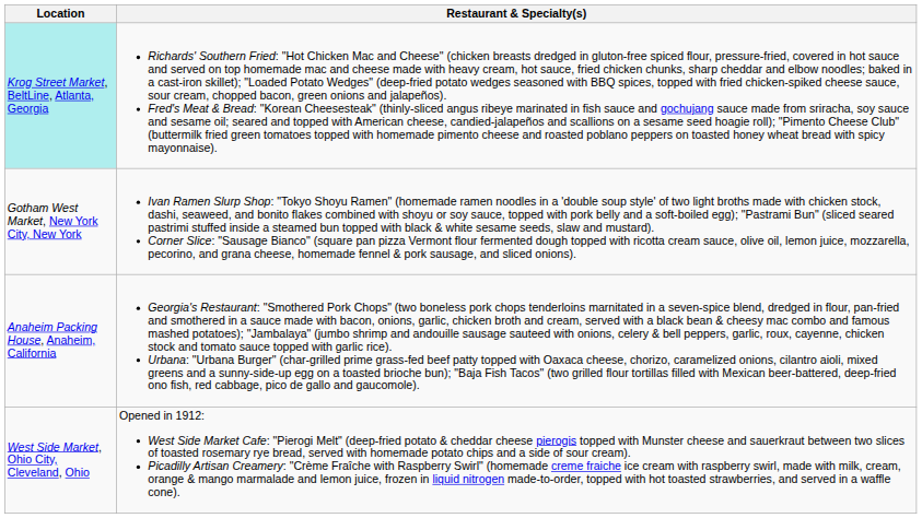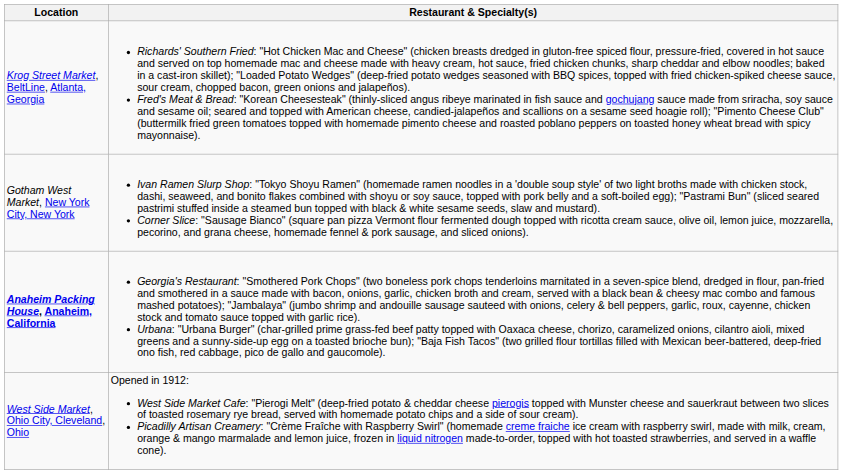 <table class="wikitable" style="width:100%;">
 <tr>
 <th>Location</th>
 <th>Restaurant & Specialty(s)</th>
 </tr>
 <tr>
-<td style="background: paleturquoise;"><em><a href='#'>Krog Street Market</a></em>, <a href='#'>BeltLine</a>, <a href='#'>Atlanta, Georgia</a></td>
+<td><em><a href='#'>Krog Street Market</a></em>, <a href='#'>BeltLine</a>, <a href='#'>Atlanta, Georgia</a></td>
 <td><br><ul><li><em>Richards' Southern Fried</em>: "Hot Chicken Mac and Cheese" (chicken breasts dredged in gluton-free spiced flour, pressure-fried, covered in hot sauce and served on top homemade mac and cheese made with heavy cream, hot sauce, fried chicken chunks, sharp cheddar and elbow noodles; baked in a cast-iron skillet); "Loaded Potato Wedges" (deep-fried potato wedges seasoned with BBQ spices, topped with fried chicken-spiked cheese sauce, sour cream, chopped bacon, green onions and jalapeños).</li><li><em>Fred's Meat & Bread</em>: "Korean Cheesesteak" (thinly-sliced angus ribeye marinated in fish sauce and <a href='#'>gochujang</a> sauce made from sriracha, soy sauce and sesame oil; seared and topped with American cheese, candied-jalapeños and scallions on a sesame seed hoagie roll); "Pimento Cheese Club" (buttermilk fried green tomatoes topped with homemade pimento cheese and roasted poblano peppers on toasted honey wheat bread with spicy mayonnaise).</li></ul></td>
 </tr>
 <tr>
 <td><em>Gotham West Market</em>, <a href='#'>New York City, New York</a></td>
 <td><br><ul><li><em>Ivan Ramen Slurp Shop</em>: "Tokyo Shoyu Ramen" (homemade ramen noodles in a 'double soup style' of two light broths made with chicken stock, dashi, seaweed, and bonito flakes combined with shoyu or soy sauce, topped with pork belly and a soft-boiled egg); "Pastrami  Bun" (sliced seared pastrimi stuffed inside a steamed bun topped with black & white sesame seeds, slaw and mustard).</li><li><em>Corner Slice</em>: "Sausage Bianco" (square pan pizza Vermont flour fermented dough topped with ricotta cream sauce, olive oil, lemon juice, mozzarella, pecorino, and grana cheese, homemade fennel & pork sausage, and sliced onions).</li></ul></td>
 </tr>
 <tr>
-<td><em><a href='#'>Anaheim Packing House</a></em>, <a href='#'>Anaheim, California</a></td>
+<td><strong><em><a href='#'>Anaheim Packing House</a></em>, <a href='#'>Anaheim, California</a></strong></td>
 <td><br><ul><li><em>Georgia's Restaurant</em>: "Smothered Pork Chops" (two boneless pork chops tenderloins marnitated in a seven-spice blend, dredged in flour, pan-fried and smothered in a sauce made with bacon, onions, garlic, chicken broth and cream, served with a black bean & cheesy mac combo and famous mashed potatoes); "Jambalaya" (jumbo shrimp and andouille sausage sauteed with onions, celery & bell peppers, garlic, roux, cayenne, chicken stock and tomato sauce topped with garlic rice).</li><li><em>Urbana</em>: "Urbana Burger" (char-grilled prime grass-fed beef patty topped with Oaxaca cheese, chorizo, caramelized onions, cilantro aioli, mixed greens and a sunny-side-up egg on a toasted brioche bun); "Baja Fish Tacos" (two grilled flour tortillas filled with Mexican beer-battered, deep-fried ono fish, red cabbage, pico de gallo and gaucomole).</li></ul></td>
 </tr>
 <tr>
 <td><em><a href='#'>West Side Market</a></em>, <a href='#'>Ohio City, Cleveland</a>, <a href='#'>Ohio</a></td>
 <td>Opened in 1912:<br><ul><li><em>West Side Market Cafe</em>: "Pierogi Melt" (deep-fried potato & cheddar cheese <a href='#'>pierogis</a> topped with Munster cheese and sauerkraut between two slices of toasted rosemary rye bread, served with homemade potato chips and a side of sour cream).</li><li><em>Picadilly Artisan Creamery</em>: "Crème Fraîche with Raspberry Swirl" (homemade <a href='#'>creme fraiche</a> ice cream with raspberry swirl, made with milk, cream, orange & mango marmalade and lemon juice, frozen in <a href='#'>liquid nitrogen</a> made-to-order, topped with hot toasted strawberries, and served in a waffle cone).</li></ul></td>
 </tr>
 </table>
